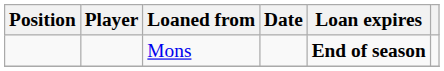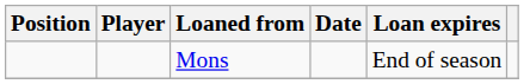 <table class="wikitable sortable">
 <tr>
 <th>Position</th>
 <th>Player</th>
 <th>Loaned from</th>
 <th>Date</th>
 <th>Loan expires</th>
 <th class="unsortable"></th>
 </tr>
 <tr>
 <td></td>
 <td></td>
 <td> <a href='#'>Mons</a></td>
 <td></td>
-<td><strong>End of season</strong></td>
+<td>End of season</td>
 <td></td>
 </tr>
 <tr>
 </tr>
 </table>
